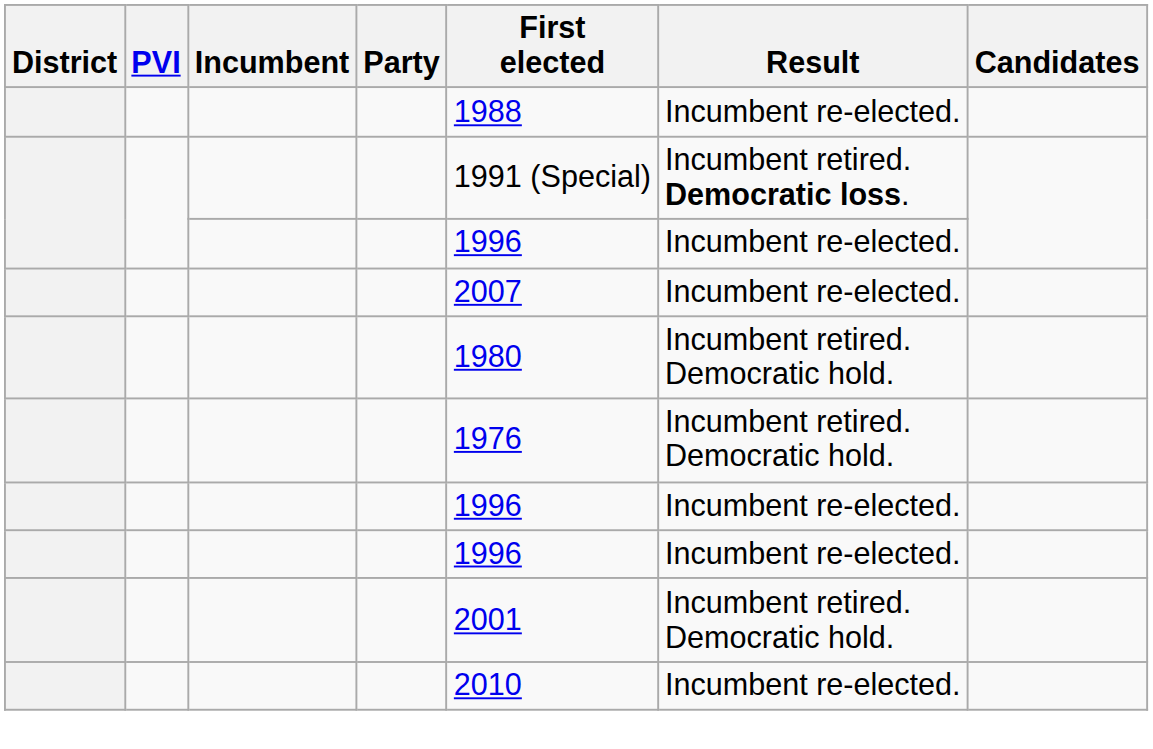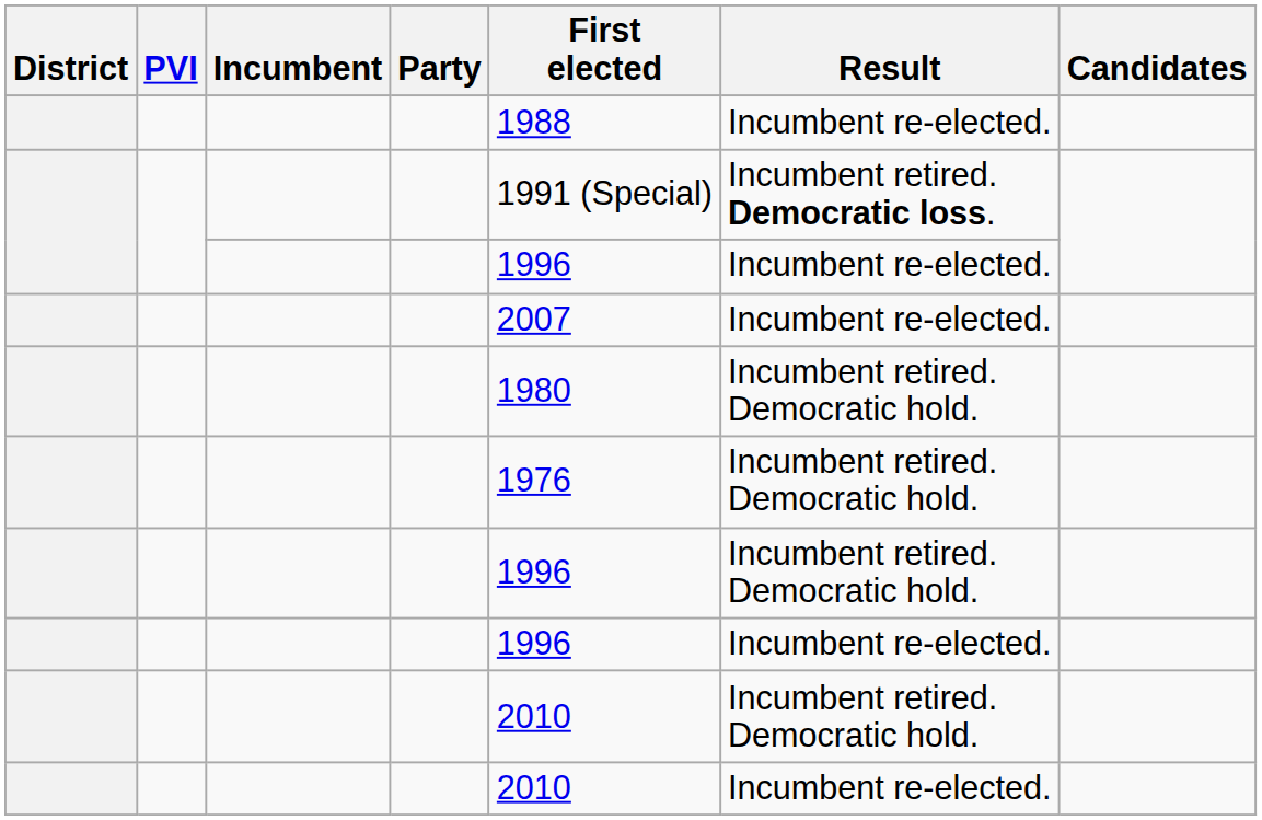 <table class="wikitable sortable">
 <tr valign=bottom>
 <th>District</th>
 <th><a href='#'>PVI</a></th>
 <th>Incumbent</th>
 <th>Party</th>
 <th>First<br>elected</th>
 <th>Result</th>
 <th>Candidates</th>
 </tr>
 <tr>
 <th></th>
 <td></td>
 <td><br></td>
 <td></td>
 <td><a href='#'>1988</a></td>
 <td>Incumbent re-elected.</td>
 <td nowrap></td>
 </tr>
 <tr>
 <th rowspan=2></th>
 <td rowspan=2 ></td>
 <td><br></td>
 <td></td>
 <td>1991 (Special)</td>
 <td>Incumbent retired.<br><strong>Democratic loss</strong>.</td>
 <td rowspan=2 nowrap></td>
 </tr>
 <tr>
 <td><br></td>
 <td></td>
 <td><a href='#'>1996</a></td>
 <td>Incumbent re-elected.</td>
 </tr>
 <tr>
 <th></th>
 <td></td>
 <td><br></td>
 <td></td>
 <td><a href='#'>2007 </a></td>
 <td>Incumbent re-elected.</td>
 <td nowrap></td>
 </tr>
 <tr>
 <th></th>
 <td></td>
 <td></td>
 <td></td>
 <td><a href='#'>1980</a></td>
 <td>Incumbent retired.<br>Democratic hold.</td>
 <td nowrap></td>
 </tr>
 <tr>
 <th></th>
 <td></td>
 <td><br></td>
 <td></td>
 <td><a href='#'>1976</a></td>
 <td>Incumbent retired.<br>Democratic hold.</td>
 <td nowrap></td>
 </tr>
 <tr>
 <th></th>
 <td></td>
 <td></td>
 <td></td>
 <td><a href='#'>1996</a></td>
-<td>Incumbent re-elected.</td>
+<td>Incumbent retired.<br>Democratic hold.</td>
 <td nowrap></td>
 </tr>
 <tr>
 <th></th>
 <td></td>
 <td><br></td>
 <td></td>
 <td><a href='#'>1996</a></td>
 <td>Incumbent re-elected.</td>
 <td nowrap></td>
 </tr>
 <tr>
 <th></th>
 <td></td>
 <td><br></td>
 <td></td>
-<td><a href='#'>2001 </a></td>
+<td><a href='#'>2010 </a></td>
 <td>Incumbent retired.<br>Democratic hold.</td>
 <td nowrap></td>
 </tr>
 <tr>
 <th></th>
 <td></td>
 <td><br></td>
 <td></td>
 <td><a href='#'>2010</a></td>
 <td>Incumbent re-elected.</td>
 <td nowrap></td>
 </tr>
 </table>
